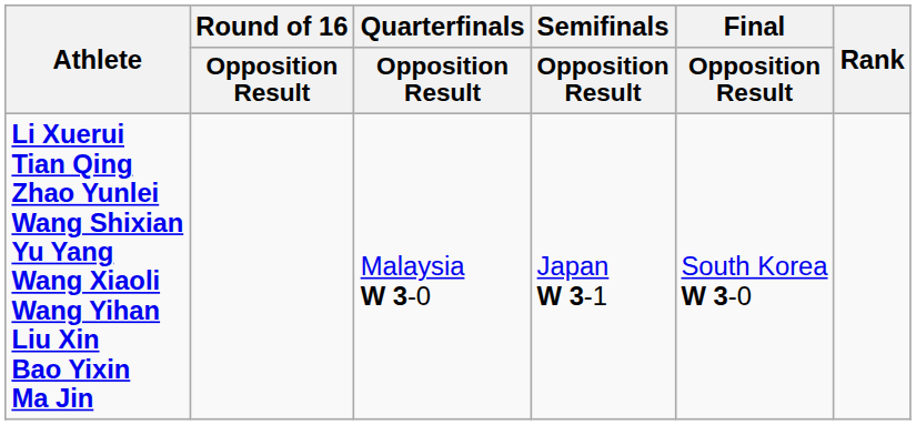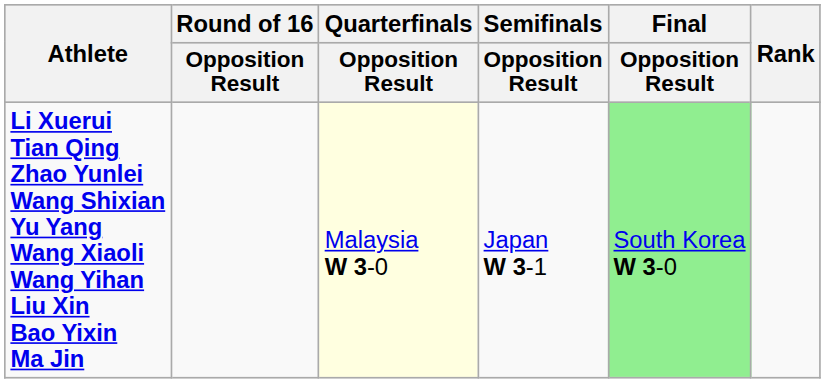 <table class="wikitable" style="font-size:90%">
 <tr>
 <th rowspan="2">Athlete</th>
 <th>Round of 16</th>
 <th>Quarterfinals</th>
 <th>Semifinals</th>
 <th>Final</th>
 <th rowspan=2>Rank</th>
 </tr>
 <tr style="font-size:95%">
 <th>Opposition<br>Result</th>
 <th>Opposition<br>Result</th>
 <th>Opposition<br>Result</th>
 <th>Opposition<br>Result</th>
 </tr>
 <tr>
 <td><strong><a href='#'>Li Xuerui</a><br><a href='#'>Tian Qing</a><br><a href='#'>Zhao Yunlei</a><br><a href='#'>Wang Shixian</a><br><a href='#'>Yu Yang</a><br><a href='#'>Wang Xiaoli</a><br><a href='#'>Wang Yihan</a><br><a href='#'>Liu Xin</a><br><a href='#'>Bao Yixin</a><br><a href='#'>Ma Jin</a></strong></td>
 <td></td>
-<td><br><a href='#'>Malaysia</a><br><strong>W</strong> <strong>3</strong>-0</td>
+<td style="background: lightyellow;"><br><a href='#'>Malaysia</a><br><strong>W</strong> <strong>3</strong>-0</td>
 <td><br><a href='#'>Japan</a><br><strong>W</strong> <strong>3</strong>-1</td>
-<td><br><a href='#'>South Korea</a><br><strong>W</strong> <strong>3</strong>-0</td>
+<td style="background: lightgreen;"><br><a href='#'>South Korea</a><br><strong>W</strong> <strong>3</strong>-0</td>
 <td align=center></td>
 </tr>
 </table>
